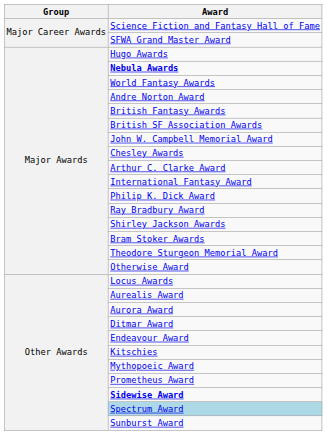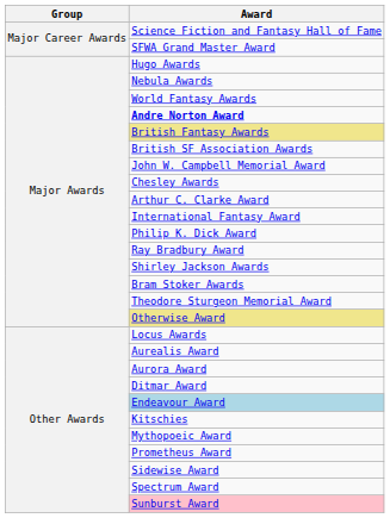 <table class="wikitable">
 <tr>
 <th style="min-width: 11em">Group</th>
 <th>Award</th>
 </tr>
 <tr>
 <th rowspan=2 style="font-weight: normal">Major Career Awards</th>
 <td><a href='#'>Science Fiction and Fantasy Hall of Fame</a></td>
 </tr>
 <tr>
 <td><a href='#'>SFWA Grand Master Award</a></td>
 </tr>
 <tr>
 <th rowspan=16 style="font-weight: normal">Major Awards</th>
 <td><a href='#'>Hugo Awards</a></td>
 </tr>
 <tr>
-<td><strong><a href='#'>Nebula Awards</a></strong></td>
+<td><a href='#'>Nebula Awards</a></td>
 </tr>
 <tr>
 <td><a href='#'>World Fantasy Awards</a></td>
 </tr>
 <tr>
-<td><a href='#'>Andre Norton Award</a></td>
+<td><strong><a href='#'>Andre Norton Award</a></strong></td>
 </tr>
 <tr>
-<td><a href='#'>British Fantasy Awards</a></td>
+<td style="background: khaki;"><a href='#'>British Fantasy Awards</a></td>
 </tr>
 <tr>
 <td><a href='#'>British SF Association Awards</a></td>
 </tr>
 <tr>
 <td><a href='#'>John W. Campbell Memorial Award</a></td>
 </tr>
 <tr>
 <td><a href='#'>Chesley Awards</a></td>
 </tr>
 <tr>
 <td><a href='#'>Arthur C. Clarke Award</a></td>
 </tr>
 <tr>
 <td><a href='#'>International Fantasy Award</a></td>
 </tr>
 <tr>
 <td><a href='#'>Philip K. Dick Award</a></td>
 </tr>
 <tr>
 <td><a href='#'>Ray Bradbury Award</a></td>
 </tr>
 <tr>
 <td><a href='#'>Shirley Jackson Awards</a></td>
 </tr>
 <tr>
 <td><a href='#'>Bram Stoker Awards</a></td>
 </tr>
 <tr>
 <td><a href='#'>Theodore Sturgeon Memorial Award</a></td>
 </tr>
 <tr>
-<td><a href='#'>Otherwise Award</a></td>
+<td style="background: khaki;"><a href='#'>Otherwise Award</a></td>
 </tr>
 <tr>
 <th rowspan=11 style="font-weight: normal">Other Awards</th>
 <td><a href='#'>Locus Awards</a></td>
 </tr>
 <tr>
 <td><a href='#'>Aurealis Award</a></td>
 </tr>
 <tr>
 <td><a href='#'>Aurora Award</a></td>
 </tr>
 <tr>
 <td><a href='#'>Ditmar Award</a></td>
 </tr>
 <tr>
-<td><a href='#'>Endeavour Award</a></td>
+<td style="background: lightblue;"><a href='#'>Endeavour Award</a></td>
 </tr>
 <tr>
 <td><a href='#'>Kitschies</a></td>
 </tr>
 <tr>
 <td><a href='#'>Mythopoeic Award</a></td>
 </tr>
 <tr>
 <td><a href='#'>Prometheus Award</a></td>
 </tr>
 <tr>
-<td><strong><a href='#'>Sidewise Award</a></strong></td>
+<td><a href='#'>Sidewise Award</a></td>
 </tr>
 <tr>
-<td style="background: lightblue;"><a href='#'>Spectrum Award</a></td>
+<td><a href='#'>Spectrum Award</a></td>
 </tr>
 <tr>
-<td><a href='#'>Sunburst Award</a></td>
+<td style="background: pink;"><a href='#'>Sunburst Award</a></td>
 </tr>
 </table>
